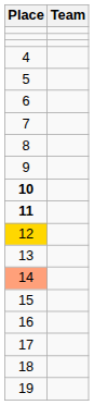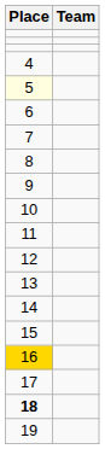 <table class="wikitable">
 <tr>
 <th>Place</th>
 <th>Team</th>
 </tr>
 <tr>
 <td align=center></td>
 <td></td>
 </tr>
 <tr>
 <td align=center></td>
 <td></td>
 </tr>
 <tr>
 <td align=center></td>
 <td></td>
 </tr>
 <tr>
 <td align=center>4</td>
 <td></td>
 </tr>
 <tr>
-<td align=center>5</td>
+<td align=center style="background: lightyellow;">5</td>
 <td></td>
 </tr>
 <tr>
 <td align=center>6</td>
 <td></td>
 </tr>
 <tr>
 <td align=center>7</td>
 <td></td>
 </tr>
 <tr>
 <td align=center>8</td>
 <td></td>
 </tr>
 <tr>
 <td align=center>9</td>
 <td></td>
 </tr>
 <tr>
-<td align=center><strong>10</strong></td>
+<td align=center>10</td>
 <td></td>
 </tr>
 <tr>
-<td align=center><strong>11</strong></td>
+<td align=center>11</td>
 <td></td>
 </tr>
 <tr>
-<td align=center style="background: gold;">12</td>
+<td align=center>12</td>
 <td></td>
 </tr>
 <tr>
 <td align=center>13</td>
 <td></td>
 </tr>
 <tr>
-<td align=center style="background: lightsalmon;">14</td>
+<td align=center>14</td>
 <td></td>
 </tr>
 <tr>
 <td align=center>15</td>
 <td></td>
 </tr>
 <tr>
-<td align=center>16</td>
+<td align=center style="background: gold;">16</td>
 <td></td>
 </tr>
 <tr>
 <td align=center>17</td>
 <td></td>
 </tr>
 <tr>
-<td align=center>18</td>
+<td align=center><strong>18</strong></td>
 <td></td>
 </tr>
 <tr>
 <td align=center>19</td>
 <td></td>
 </tr>
 </table>
